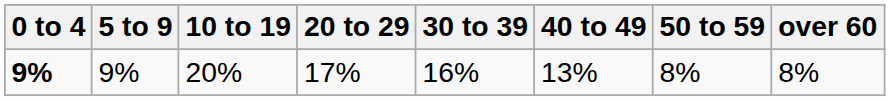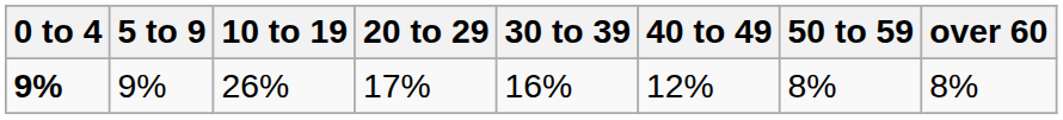 <table class="wikitable">
 <tr>
 <th>0 to 4</th>
 <th>5 to 9</th>
 <th>10 to 19</th>
 <th>20 to 29</th>
 <th>30 to 39</th>
 <th>40 to 49</th>
 <th>50 to 59</th>
 <th>over 60</th>
 </tr>
 <tr>
 <td><strong>9%</strong></td>
 <td>9%</td>
-<td>20%</td>
+<td>26%</td>
 <td>17%</td>
 <td>16%</td>
-<td>13%</td>
+<td>12%</td>
 <td>8%</td>
 <td>8%</td>
 </tr>
 </table>
